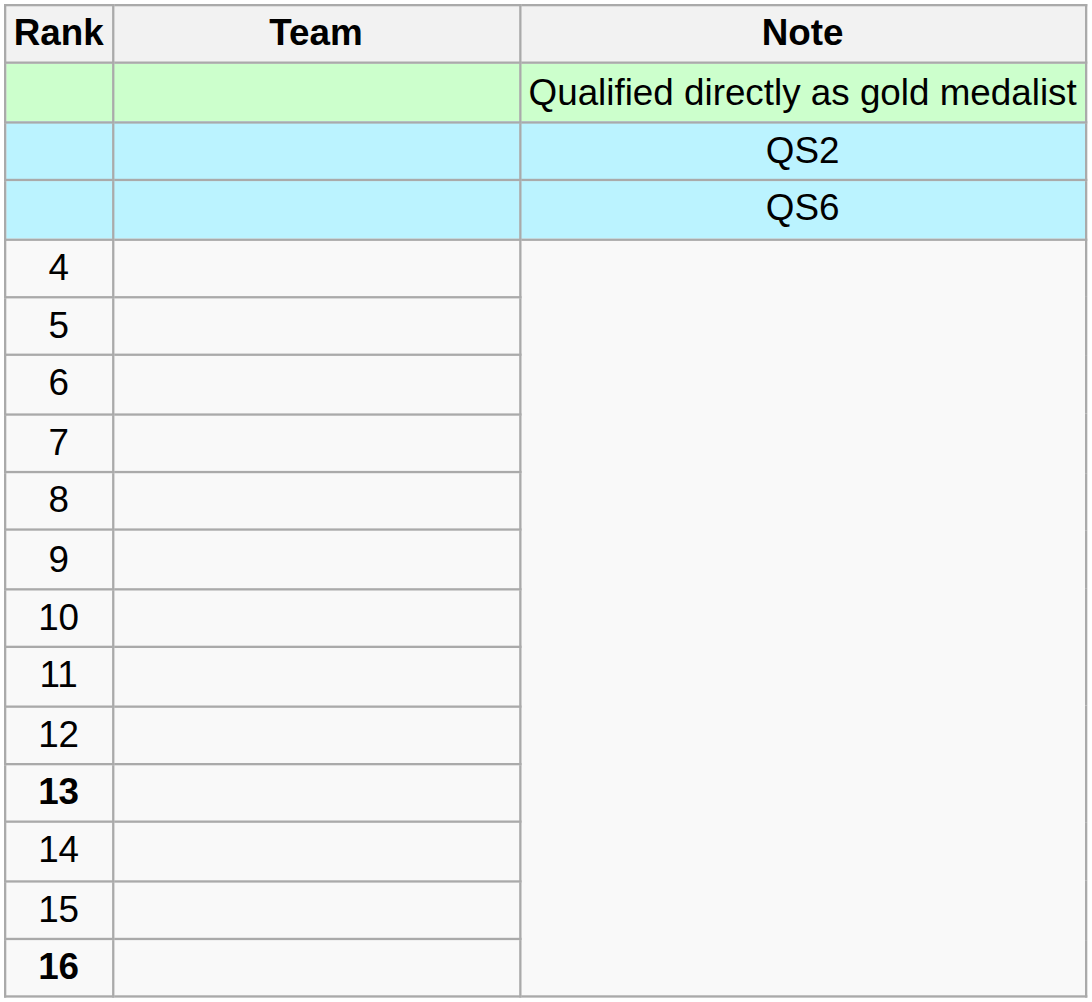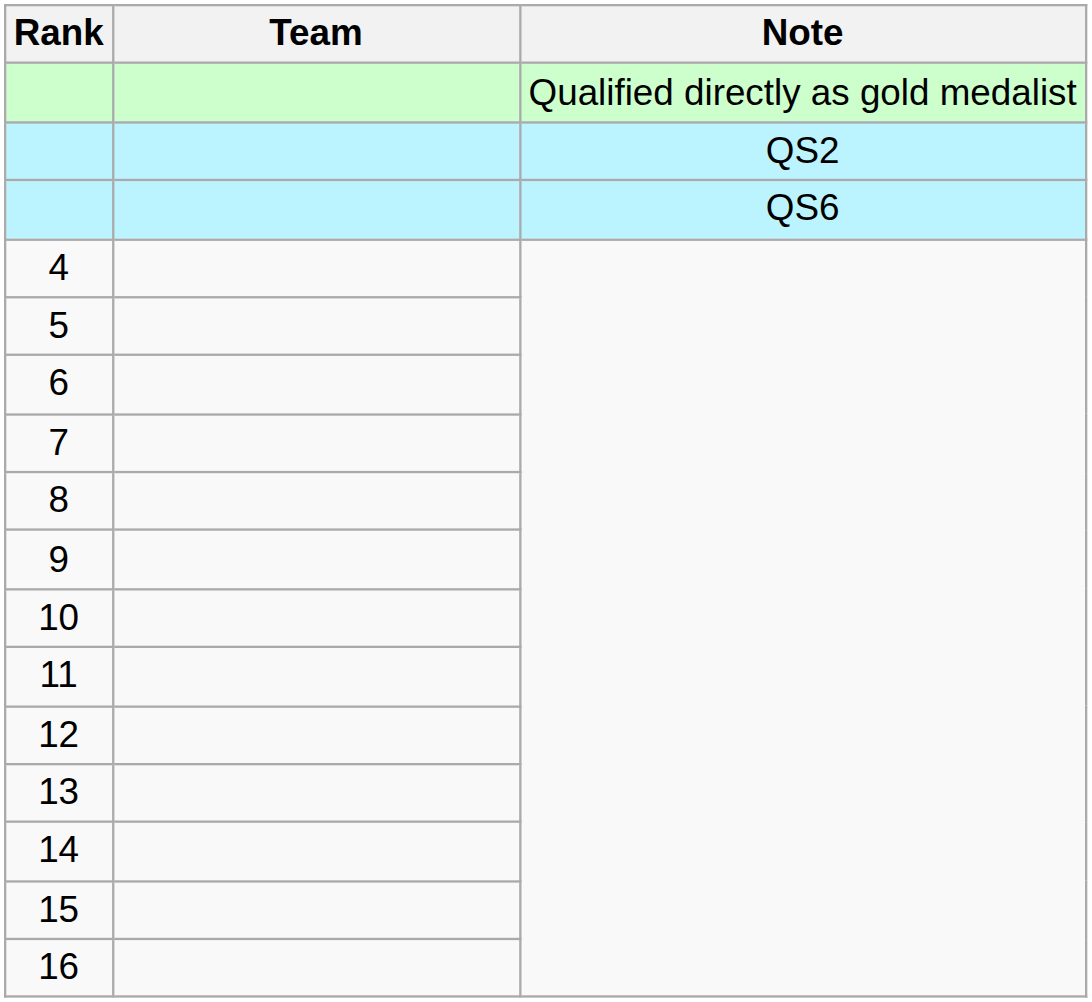 <table class="wikitable">
 <tr>
 <th>Rank</th>
 <th width=170>Team</th>
 <th>Note</th>
 </tr>
 <tr bgcolor=#ccffcc>
 <td align=center></td>
 <td></td>
 <td style="text-align: center;">Qualified directly as gold medalist</td>
 </tr>
 <tr bgcolor=#BBF3FF>
 <td align=center></td>
 <td></td>
 <td style="text-align: center;">QS2</td>
 </tr>
 <tr bgcolor=#BBF3FF>
 <td align=center></td>
 <td></td>
 <td style="text-align: center;">QS6</td>
 </tr>
 <tr>
 <td align=center>4</td>
 <td></td>
 </tr>
 <tr>
 <td align=center>5</td>
 <td></td>
 </tr>
 <tr>
 <td align=center>6</td>
 <td></td>
 </tr>
 <tr>
 <td align=center>7</td>
 <td></td>
 </tr>
 <tr>
 <td align=center>8</td>
 <td></td>
 </tr>
 <tr>
 <td align=center>9</td>
 <td></td>
 </tr>
 <tr>
 <td align=center>10</td>
 <td></td>
 </tr>
 <tr>
 <td align=center>11</td>
 <td></td>
 </tr>
 <tr>
 <td align=center>12</td>
 <td></td>
 </tr>
 <tr>
-<td align=center><strong>13</strong></td>
+<td align=center>13</td>
 <td></td>
 </tr>
 <tr>
 <td align=center>14</td>
 <td></td>
 </tr>
 <tr>
 <td align=center>15</td>
 <td></td>
 </tr>
 <tr>
-<td align=center><strong>16</strong></td>
+<td align=center>16</td>
 <td></td>
 </tr>
 </table>
